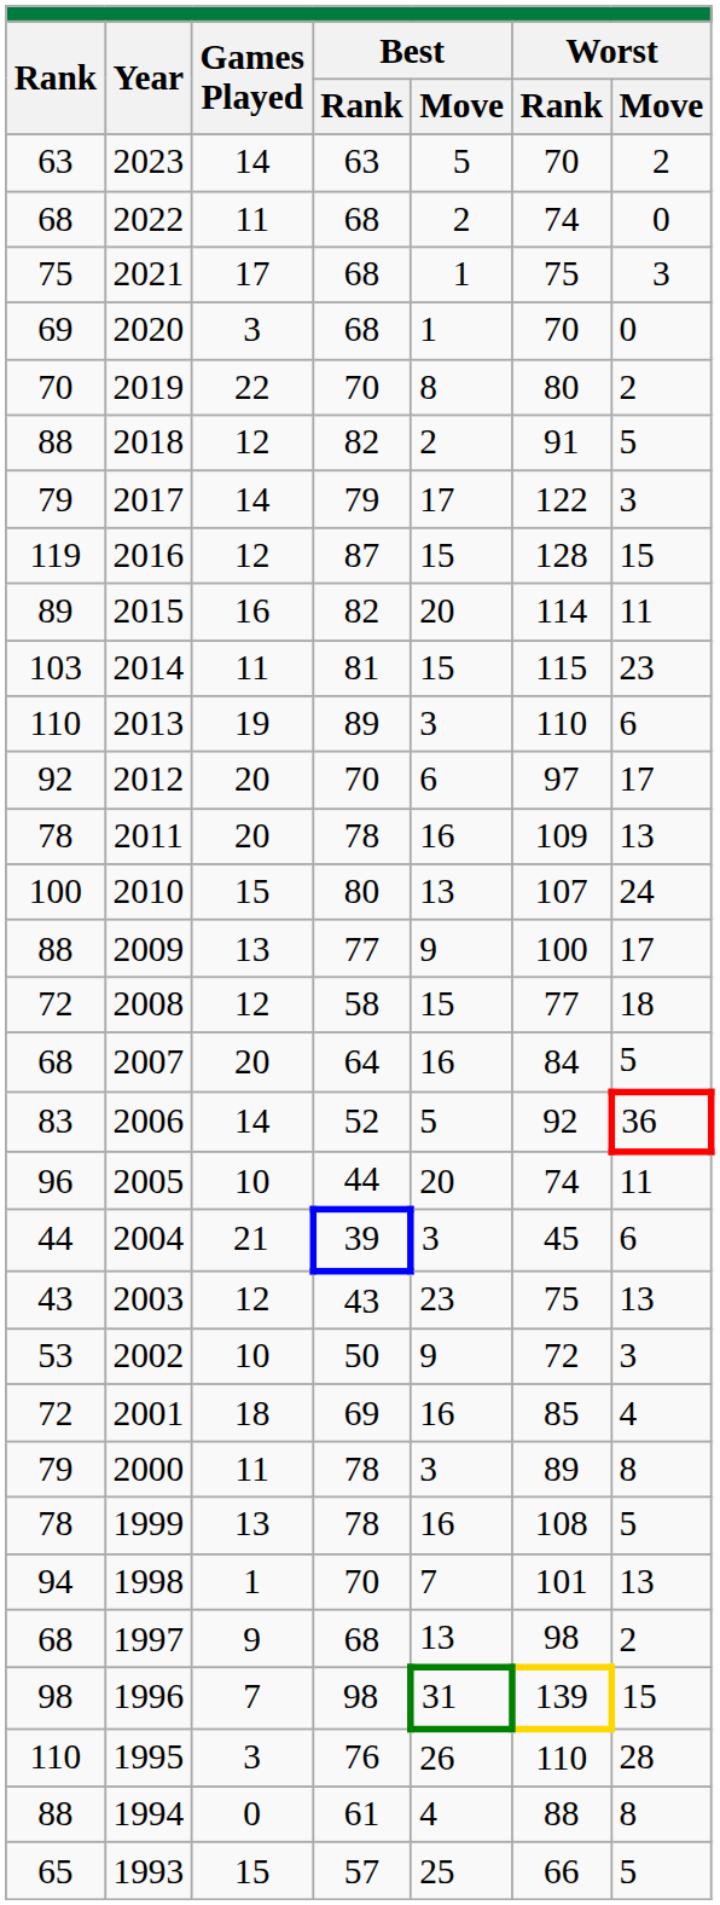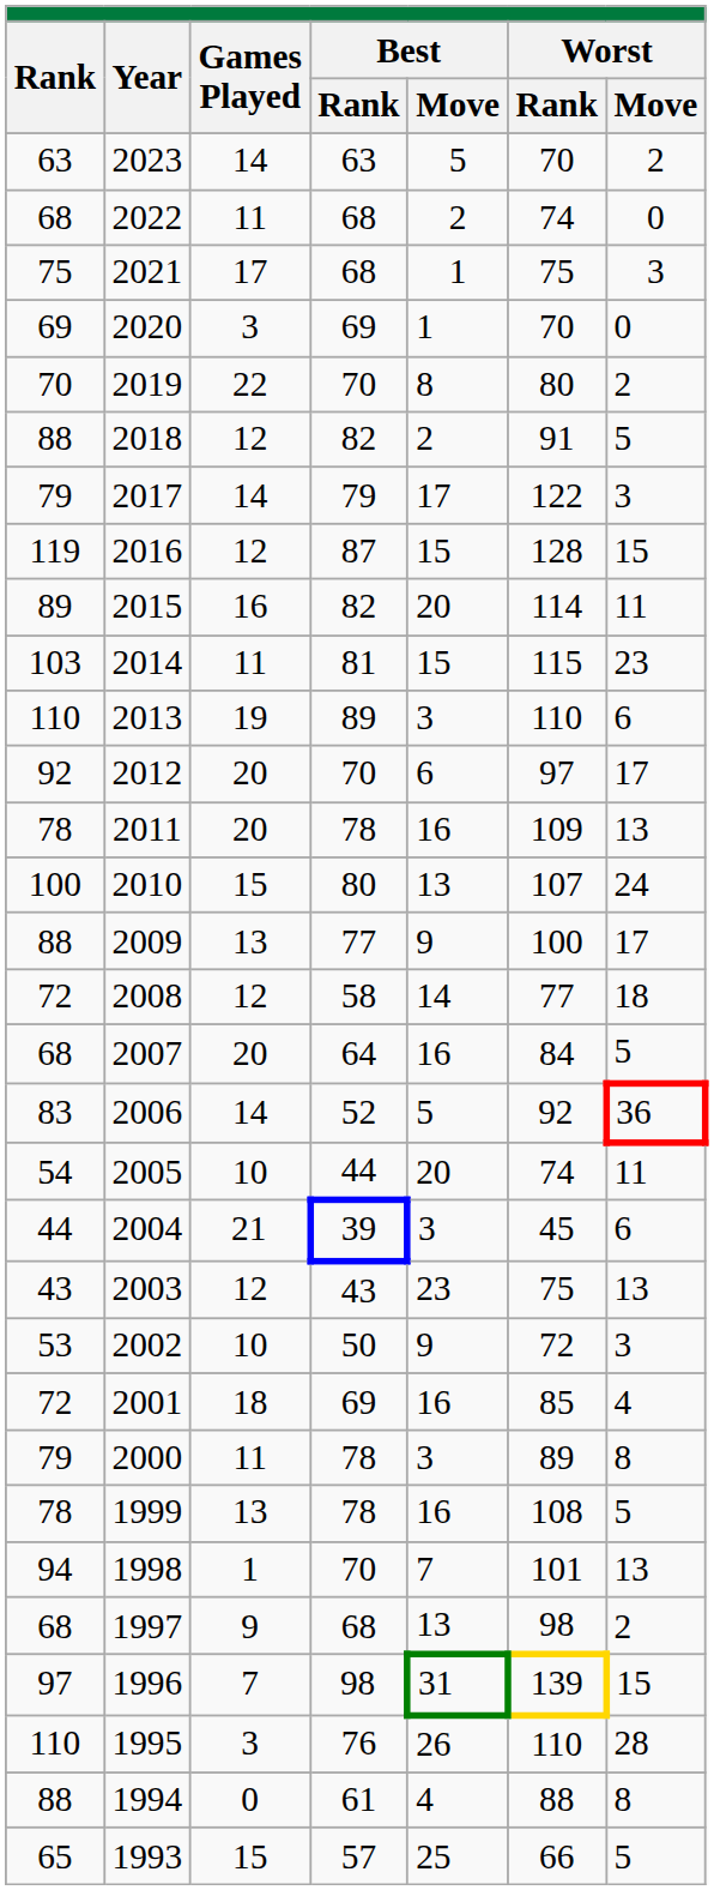 <table class="wikitable sortable mw-collapsible mw-collapsed"  style="text-align:center;">
 <tr>
 <th colspan=9 style="background: #007A3D; color: #FFFFFF;"><a href='#'></a></th>
 </tr>
 <tr>
 <th rowspan=2>Rank</th>
 <th rowspan=2>Year</th>
 <th rowspan=2>Games<br>Played</th>
 <th colspan=2>Best</th>
 <th colspan=2>Worst</th>
 </tr>
 <tr>
 <th>Rank</th>
 <th>Move</th>
 <th>Rank</th>
 <th>Move</th>
 </tr>
 <tr>
 <td>63</td>
 <td>2023</td>
 <td>14</td>
 <td>63</td>
 <td> 5</td>
 <td>70</td>
 <td> 2</td>
 </tr>
 <tr>
 <td>68</td>
 <td>2022</td>
 <td>11</td>
 <td>68</td>
 <td> 2</td>
 <td>74</td>
 <td> 0</td>
 </tr>
 <tr>
 <td>75</td>
 <td>2021</td>
 <td>17</td>
 <td>68</td>
 <td>  1</td>
 <td>75</td>
 <td> 3</td>
 </tr>
 <tr>
 <td>69</td>
 <td>2020</td>
 <td>3</td>
-<td>68</td>
+<td>69</td>
 <td align=left>  1</td>
 <td>70</td>
 <td align=left> 0</td>
 </tr>
 <tr>
 <td>70</td>
 <td>2019</td>
 <td>22</td>
 <td>70</td>
 <td align=left>  8</td>
 <td>80</td>
 <td align=left> 2</td>
 </tr>
 <tr>
 <td>88</td>
 <td>2018</td>
 <td>12</td>
 <td>82</td>
 <td align=left> 2</td>
 <td>91</td>
 <td align=left> 5</td>
 </tr>
 <tr>
 <td>79</td>
 <td>2017</td>
 <td>14</td>
 <td>79</td>
 <td align=left> 17</td>
 <td>122</td>
 <td align=left> 3</td>
 </tr>
 <tr>
 <td>119</td>
 <td>2016</td>
 <td>12</td>
 <td>87</td>
 <td align=left> 15</td>
 <td>128</td>
 <td align=left> 15</td>
 </tr>
 <tr>
 <td>89</td>
 <td>2015</td>
 <td>16</td>
 <td>82</td>
 <td align=left> 20</td>
 <td>114</td>
 <td align=left> 11</td>
 </tr>
 <tr>
 <td>103</td>
 <td>2014</td>
 <td>11</td>
 <td>81</td>
 <td align=left> 15</td>
 <td>115</td>
 <td align=left> 23</td>
 </tr>
 <tr>
 <td>110</td>
 <td>2013</td>
 <td>19</td>
 <td>89</td>
 <td align=left> 3</td>
 <td>110</td>
 <td align=left> 6</td>
 </tr>
 <tr>
 <td>92</td>
 <td>2012</td>
 <td>20</td>
 <td>70</td>
 <td align=left> 6</td>
 <td>97</td>
 <td align=left> 17</td>
 </tr>
 <tr>
 <td>78</td>
 <td>2011</td>
 <td>20</td>
 <td>78</td>
 <td align=left> 16</td>
 <td>109</td>
 <td align=left> 13</td>
 </tr>
 <tr>
 <td>100</td>
 <td>2010</td>
 <td>15</td>
 <td>80</td>
 <td align=left> 13</td>
 <td>107</td>
 <td align=left> 24</td>
 </tr>
 <tr>
 <td>88</td>
 <td>2009</td>
 <td>13</td>
 <td>77</td>
 <td align=left> 9</td>
 <td>100</td>
 <td align=left> 17</td>
 </tr>
 <tr>
 <td>72</td>
 <td>2008</td>
 <td>12</td>
 <td>58</td>
-<td align=left> 15</td>
+<td align=left> 14</td>
 <td>77</td>
 <td align=left> 18</td>
 </tr>
 <tr>
 <td>68</td>
 <td>2007</td>
 <td>20</td>
 <td>64</td>
 <td align=left> 16</td>
 <td>84</td>
 <td align=left> 5</td>
 </tr>
 <tr>
 <td>83</td>
 <td>2006</td>
 <td>14</td>
 <td>52</td>
 <td align=left> 5</td>
 <td>92</td>
 <td style="border: 3px solid red" align=left> 36</td>
 </tr>
 <tr>
-<td>96</td>
+<td>54</td>
 <td>2005</td>
 <td>10</td>
 <td>44</td>
 <td align=left> 20</td>
 <td>74</td>
 <td align=left> 11</td>
 </tr>
 <tr>
 <td>44</td>
 <td>2004</td>
 <td>21</td>
 <td style="border: 3px solid blue">39</td>
 <td align=left> 3</td>
 <td>45</td>
 <td align=left> 6</td>
 </tr>
 <tr>
 <td>43</td>
 <td>2003</td>
 <td>12</td>
 <td>43</td>
 <td align=left> 23</td>
 <td>75</td>
 <td align=left> 13</td>
 </tr>
 <tr>
 <td>53</td>
 <td>2002</td>
 <td>10</td>
 <td>50</td>
 <td align=left> 9</td>
 <td>72</td>
 <td align=left> 3</td>
 </tr>
 <tr>
 <td>72</td>
 <td>2001</td>
 <td>18</td>
 <td>69</td>
 <td align=left> 16</td>
 <td>85</td>
 <td align=left> 4</td>
 </tr>
 <tr>
 <td>79</td>
 <td>2000</td>
 <td>11</td>
 <td>78</td>
 <td align=left> 3</td>
 <td>89</td>
 <td align=left> 8</td>
 </tr>
 <tr>
 <td>78</td>
 <td>1999</td>
 <td>13</td>
 <td>78</td>
 <td align=left> 16</td>
 <td>108</td>
 <td align=left> 5</td>
 </tr>
 <tr>
 <td>94</td>
 <td>1998</td>
 <td>1</td>
 <td>70</td>
 <td align=left> 7</td>
 <td>101</td>
 <td align=left> 13</td>
 </tr>
 <tr>
 <td>68</td>
 <td>1997</td>
 <td>9</td>
 <td>68</td>
 <td align=left> 13</td>
 <td>98</td>
 <td align=left> 2</td>
 </tr>
 <tr>
-<td>98</td>
+<td>97</td>
 <td>1996</td>
 <td>7</td>
 <td>98</td>
 <td style="border: 3px solid green" align=left> 31</td>
 <td style="border: 3px solid gold">139</td>
 <td align=left> 15</td>
 </tr>
 <tr>
 <td>110</td>
 <td>1995</td>
 <td>3</td>
 <td>76</td>
 <td align=left> 26</td>
 <td>110</td>
 <td align=left> 28</td>
 </tr>
 <tr>
 <td>88</td>
 <td>1994</td>
 <td>0</td>
 <td>61</td>
 <td align=left> 4</td>
 <td>88</td>
 <td align=left> 8</td>
 </tr>
 <tr>
 <td>65</td>
 <td>1993</td>
 <td>15</td>
 <td>57</td>
 <td align=left> 25</td>
 <td>66</td>
 <td align=left> 5</td>
 </tr>
 </table>
